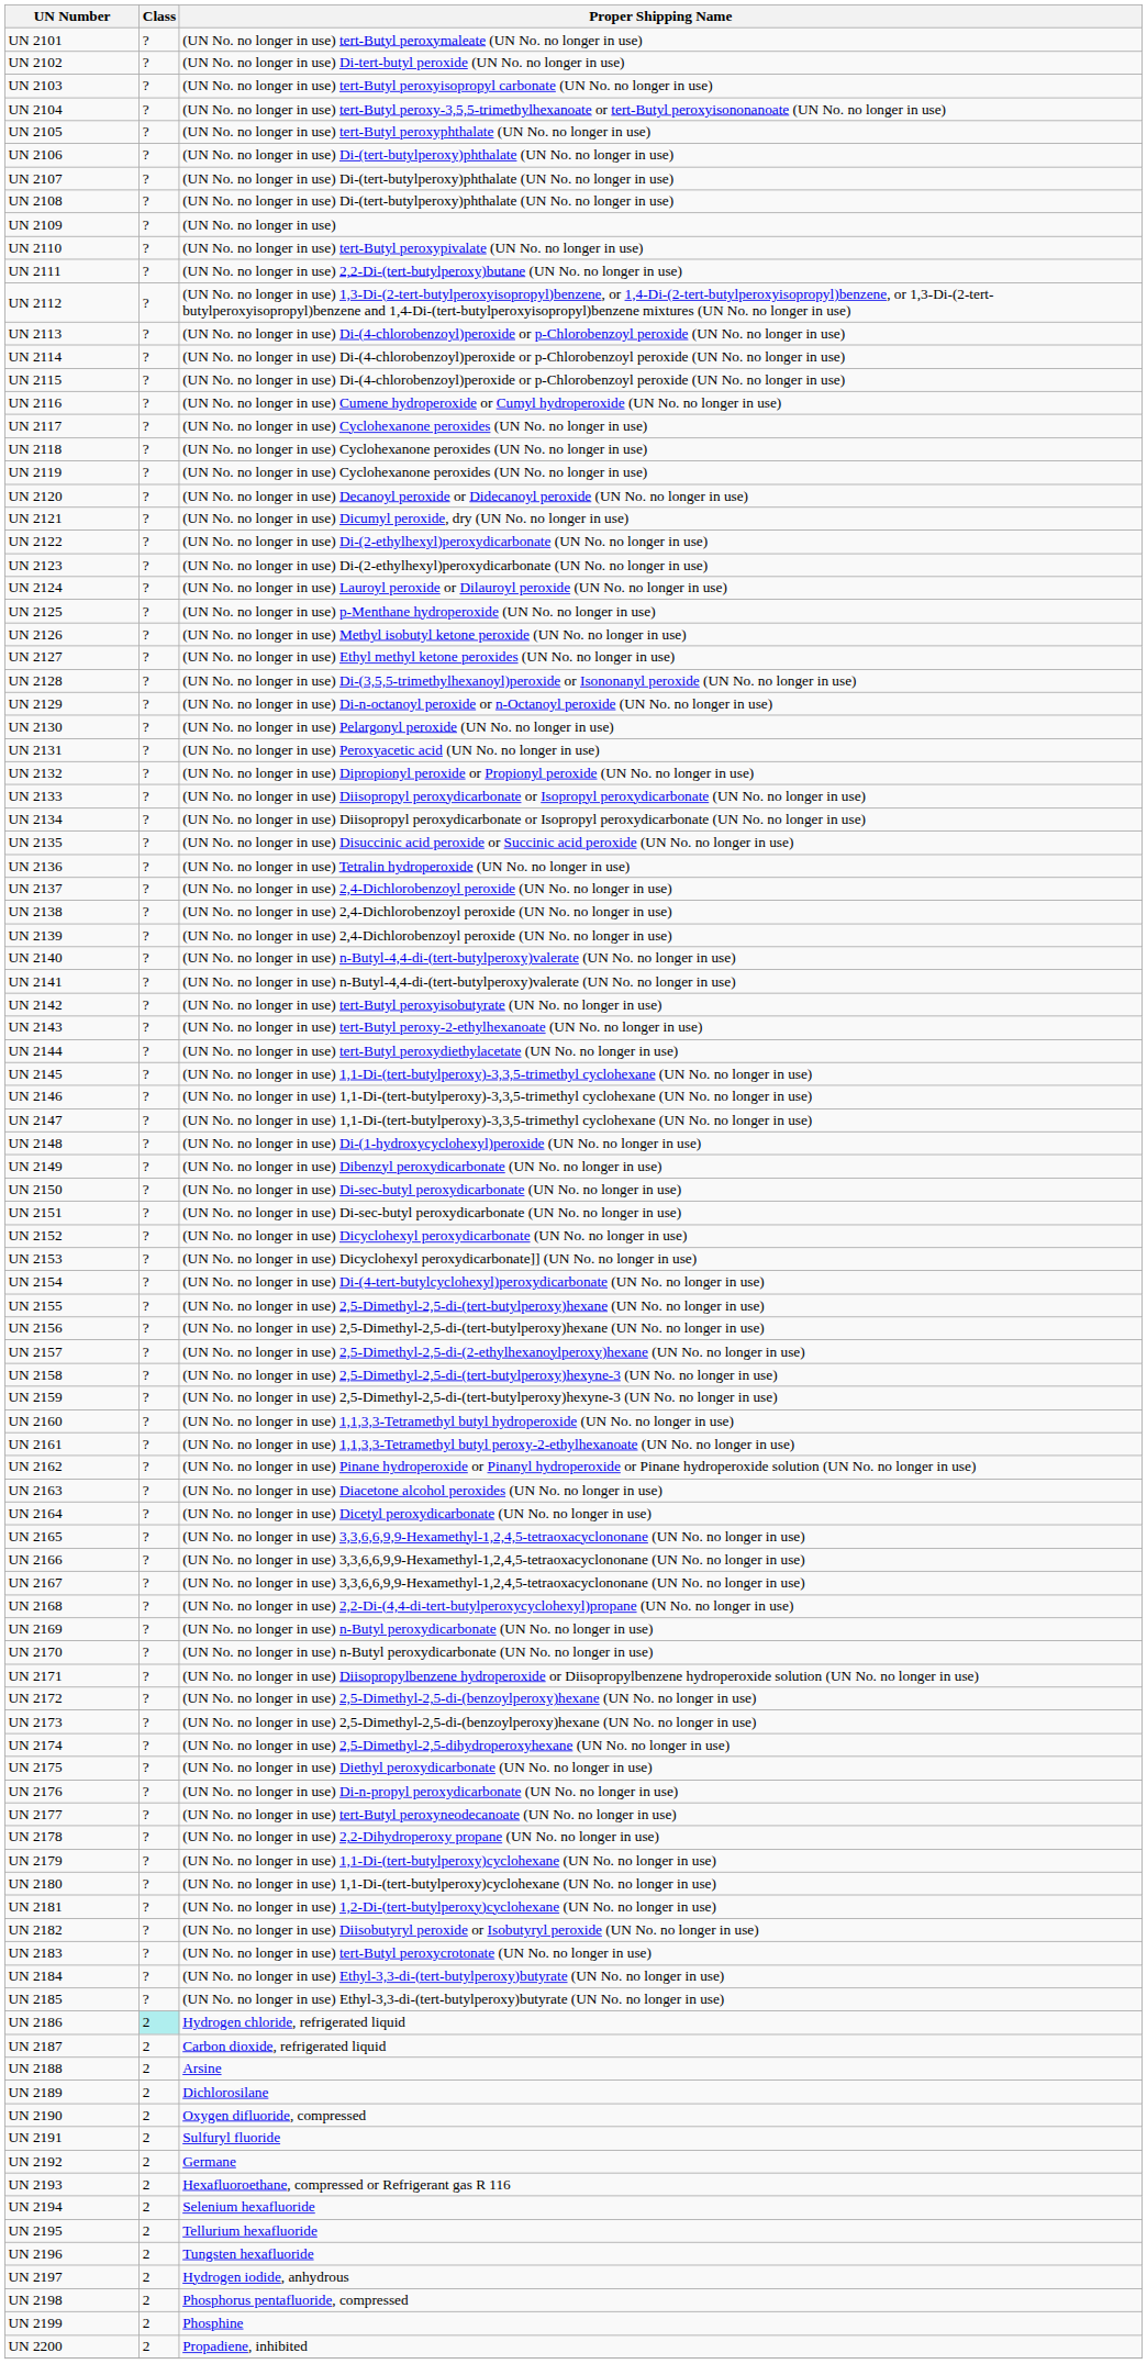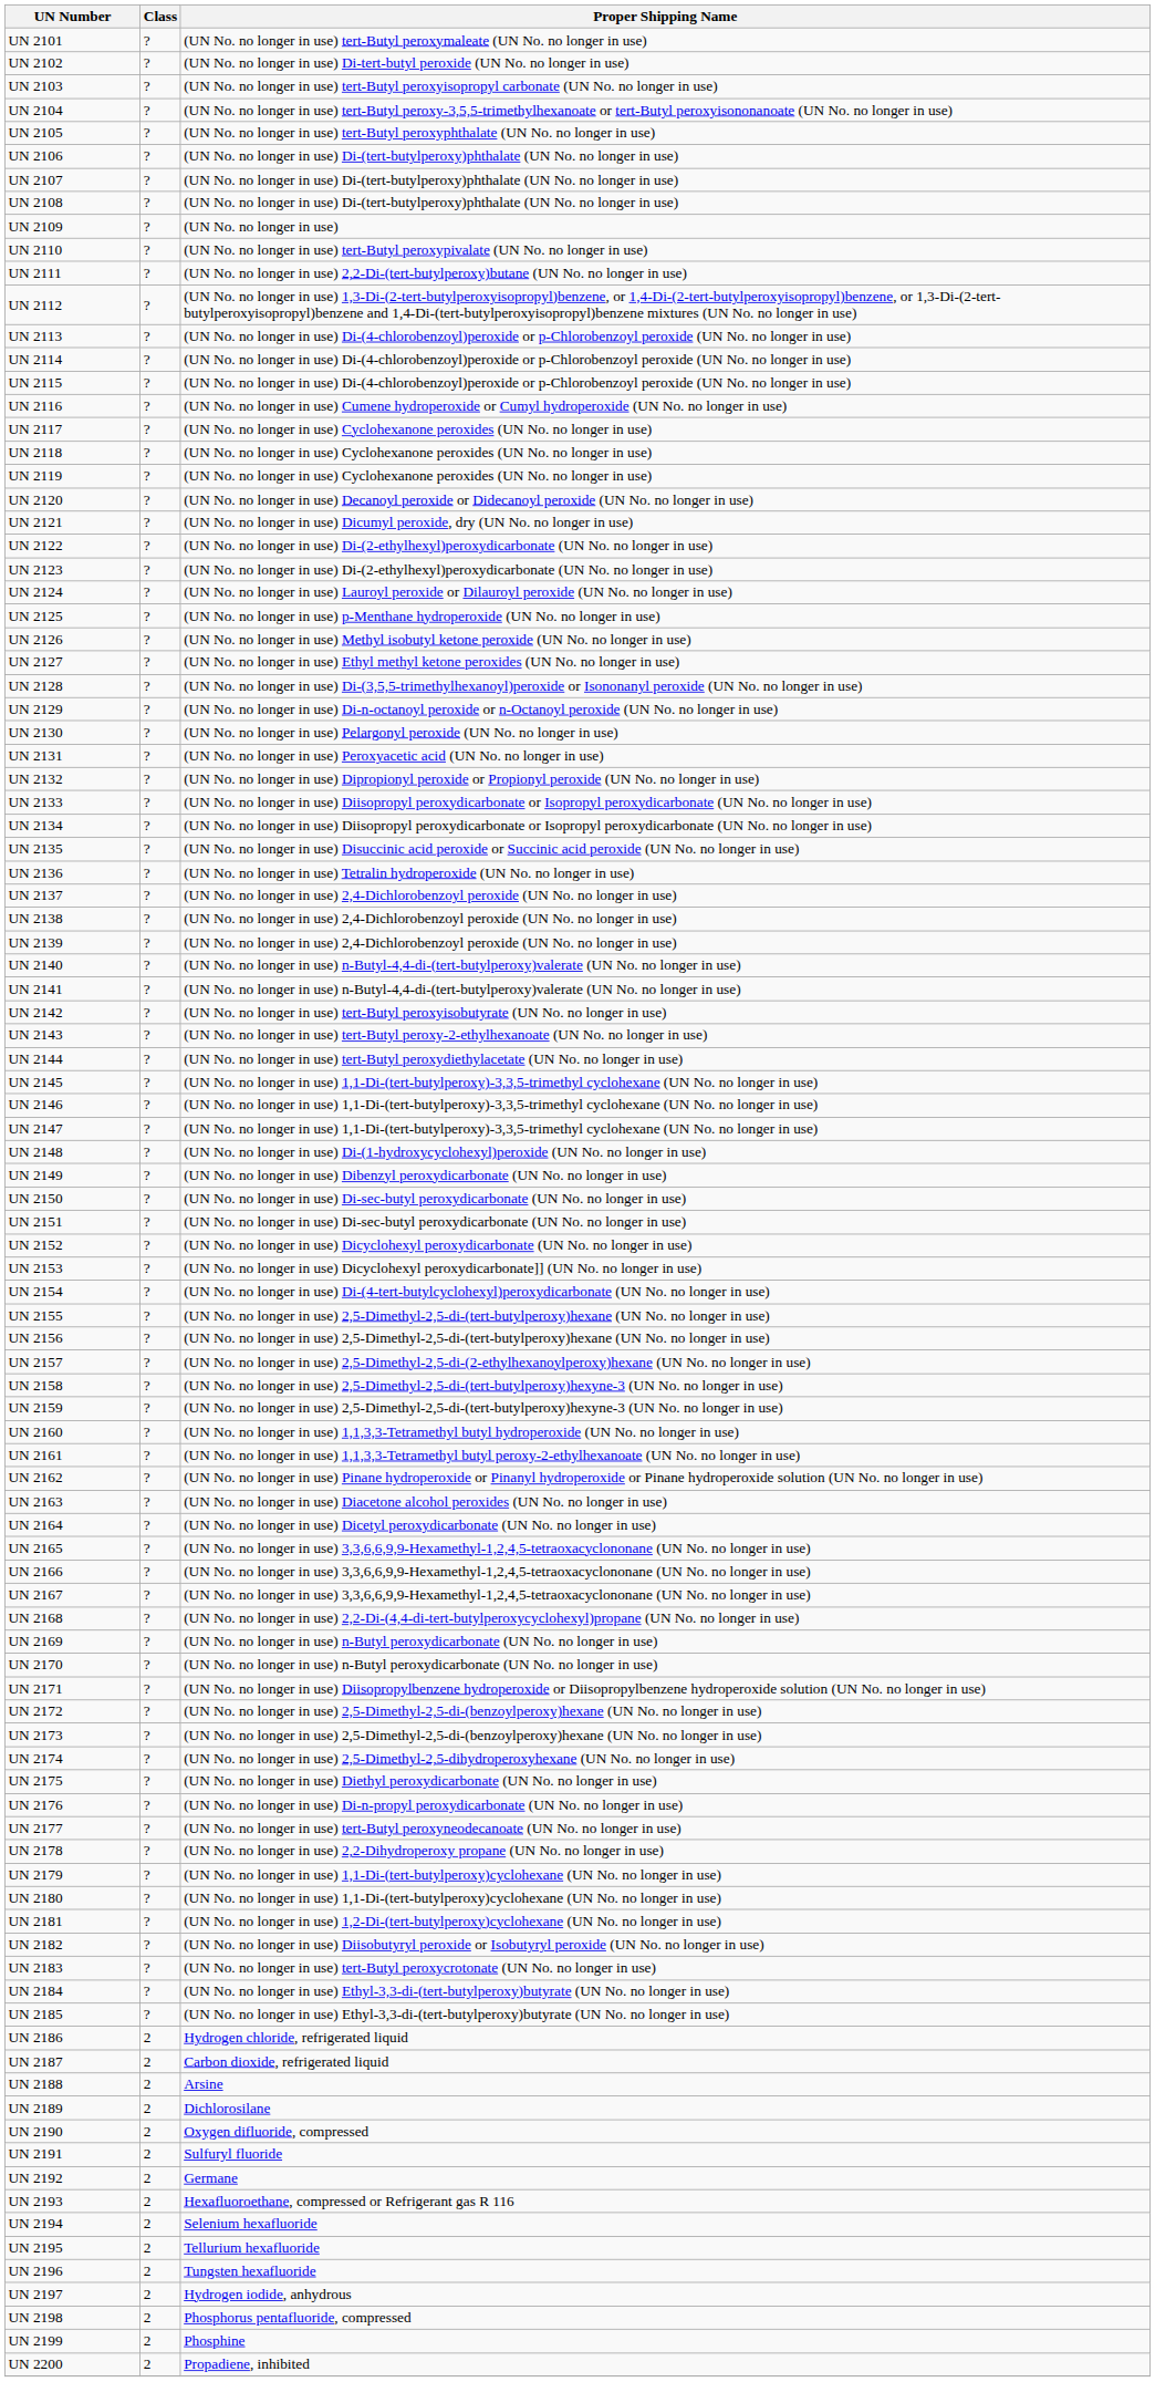 <table class="wikitable">
 <tr>
 <th width="140px">UN Number</th>
 <th>Class</th>
 <th>Proper Shipping Name</th>
 </tr>
 <tr>
 <td>UN 2101</td>
 <td>?</td>
 <td>(UN No. no longer in use) <a href='#'>tert-Butyl peroxymaleate</a> (UN No. no longer in use)</td>
 </tr>
 <tr>
 <td>UN 2102</td>
 <td>?</td>
 <td>(UN No. no longer in use) <a href='#'>Di-tert-butyl peroxide</a> (UN No. no longer in use)</td>
 </tr>
 <tr>
 <td>UN 2103</td>
 <td>?</td>
 <td>(UN No. no longer in use) <a href='#'>tert-Butyl peroxyisopropyl carbonate</a> (UN No. no longer in use)</td>
 </tr>
 <tr>
 <td>UN 2104</td>
 <td>?</td>
 <td>(UN No. no longer in use) <a href='#'>tert-Butyl peroxy-3,5,5-trimethylhexanoate</a> or <a href='#'>tert-Butyl peroxyisononanoate</a> (UN No. no longer in use)</td>
 </tr>
 <tr>
 <td>UN 2105</td>
 <td>?</td>
 <td>(UN No. no longer in use) <a href='#'>tert-Butyl peroxyphthalate</a> (UN No. no longer in use)</td>
 </tr>
 <tr>
 <td>UN 2106</td>
 <td>?</td>
 <td>(UN No. no longer in use) <a href='#'>Di-(tert-butylperoxy)phthalate</a> (UN No. no longer in use)</td>
 </tr>
 <tr>
 <td>UN 2107</td>
 <td>?</td>
 <td>(UN No. no longer in use) Di-(tert-butylperoxy)phthalate (UN No. no longer in use)</td>
 </tr>
 <tr>
 <td>UN 2108</td>
 <td>?</td>
 <td>(UN No. no longer in use) Di-(tert-butylperoxy)phthalate (UN No. no longer in use)</td>
 </tr>
 <tr>
 <td>UN 2109</td>
 <td>?</td>
 <td>(UN No. no longer in use)</td>
 </tr>
 <tr>
 <td>UN 2110</td>
 <td>?</td>
 <td>(UN No. no longer in use) <a href='#'>tert-Butyl peroxypivalate</a> (UN No. no longer in use)</td>
 </tr>
 <tr>
 <td>UN 2111</td>
 <td>?</td>
 <td>(UN No. no longer in use) <a href='#'>2,2-Di-(tert-butylperoxy)butane</a> (UN No. no longer in use)</td>
 </tr>
 <tr>
 <td>UN 2112</td>
 <td>?</td>
 <td>(UN No. no longer in use) <a href='#'>1,3-Di-(2-tert-butylperoxyisopropyl)benzene</a>, or <a href='#'>1,4-Di-(2-tert-butylperoxyisopropyl)benzene</a>, or 1,3-Di-(2-tert-butylperoxyisopropyl)benzene and 1,4-Di-(tert-butylperoxyisopropyl)benzene mixtures (UN No. no longer in use)</td>
 </tr>
 <tr>
 <td>UN 2113</td>
 <td>?</td>
 <td>(UN No. no longer in use) <a href='#'>Di-(4-chlorobenzoyl)peroxide</a> or <a href='#'>p-Chlorobenzoyl peroxide</a> (UN No. no longer in use)</td>
 </tr>
 <tr>
 <td>UN 2114</td>
 <td>?</td>
 <td>(UN No. no longer in use) Di-(4-chlorobenzoyl)peroxide or p-Chlorobenzoyl peroxide (UN No. no longer in use)</td>
 </tr>
 <tr>
 <td>UN 2115</td>
 <td>?</td>
 <td>(UN No. no longer in use) Di-(4-chlorobenzoyl)peroxide or p-Chlorobenzoyl peroxide (UN No. no longer in use)</td>
 </tr>
 <tr>
 <td>UN 2116</td>
 <td>?</td>
 <td>(UN No. no longer in use) <a href='#'>Cumene hydroperoxide</a> or <a href='#'>Cumyl hydroperoxide</a> (UN No. no longer in use)</td>
 </tr>
 <tr>
 <td>UN 2117</td>
 <td>?</td>
 <td>(UN No. no longer in use) <a href='#'>Cyclohexanone peroxides</a> (UN No. no longer in use)</td>
 </tr>
 <tr>
 <td>UN 2118</td>
 <td>?</td>
 <td>(UN No. no longer in use) Cyclohexanone peroxides (UN No. no longer in use)</td>
 </tr>
 <tr>
 <td>UN 2119</td>
 <td>?</td>
 <td>(UN No. no longer in use) Cyclohexanone peroxides (UN No. no longer in use)</td>
 </tr>
 <tr>
 <td>UN 2120</td>
 <td>?</td>
 <td>(UN No. no longer in use) <a href='#'>Decanoyl peroxide</a> or <a href='#'>Didecanoyl peroxide</a> (UN No. no longer in use)</td>
 </tr>
 <tr>
 <td>UN 2121</td>
 <td>?</td>
 <td>(UN No. no longer in use) <a href='#'>Dicumyl peroxide</a>, dry (UN No. no longer in use)</td>
 </tr>
 <tr>
 <td>UN 2122</td>
 <td>?</td>
 <td>(UN No. no longer in use) <a href='#'>Di-(2-ethylhexyl)peroxydicarbonate</a> (UN No. no longer in use)</td>
 </tr>
 <tr>
 <td>UN 2123</td>
 <td>?</td>
 <td>(UN No. no longer in use) Di-(2-ethylhexyl)peroxydicarbonate (UN No. no longer in use)</td>
 </tr>
 <tr>
 <td>UN 2124</td>
 <td>?</td>
 <td>(UN No. no longer in use) <a href='#'>Lauroyl peroxide</a> or <a href='#'>Dilauroyl peroxide</a> (UN No. no longer in use)</td>
 </tr>
 <tr>
 <td>UN 2125</td>
 <td>?</td>
 <td>(UN No. no longer in use) <a href='#'>p-Menthane hydroperoxide</a> (UN No. no longer in use)</td>
 </tr>
 <tr>
 <td>UN 2126</td>
 <td>?</td>
 <td>(UN No. no longer in use) <a href='#'>Methyl isobutyl ketone peroxide</a> (UN No. no longer in use)</td>
 </tr>
 <tr>
 <td>UN 2127</td>
 <td>?</td>
 <td>(UN No. no longer in use) <a href='#'>Ethyl methyl ketone peroxides</a> (UN No. no longer in use)</td>
 </tr>
 <tr>
 <td>UN 2128</td>
 <td>?</td>
 <td>(UN No. no longer in use) <a href='#'>Di-(3,5,5-trimethylhexanoyl)peroxide</a> or <a href='#'>Isononanyl peroxide</a> (UN No. no longer in use)</td>
 </tr>
 <tr>
 <td>UN 2129</td>
 <td>?</td>
 <td>(UN No. no longer in use) <a href='#'>Di-n-octanoyl peroxide</a> or <a href='#'>n-Octanoyl peroxide</a> (UN No. no longer in use)</td>
 </tr>
 <tr>
 <td>UN 2130</td>
 <td>?</td>
 <td>(UN No. no longer in use) <a href='#'>Pelargonyl peroxide</a> (UN No. no longer in use)</td>
 </tr>
 <tr>
 <td>UN 2131</td>
 <td>?</td>
 <td>(UN No. no longer in use) <a href='#'>Peroxyacetic acid</a> (UN No. no longer in use)</td>
 </tr>
 <tr>
 <td>UN 2132</td>
 <td>?</td>
 <td>(UN No. no longer in use) <a href='#'>Dipropionyl peroxide</a> or <a href='#'>Propionyl peroxide</a> (UN No. no longer in use)</td>
 </tr>
 <tr>
 <td>UN 2133</td>
 <td>?</td>
 <td>(UN No. no longer in use) <a href='#'>Diisopropyl peroxydicarbonate</a> or <a href='#'>Isopropyl peroxydicarbonate</a> (UN No. no longer in use)</td>
 </tr>
 <tr>
 <td>UN 2134</td>
 <td>?</td>
 <td>(UN No. no longer in use) Diisopropyl peroxydicarbonate or Isopropyl peroxydicarbonate (UN No. no longer in use)</td>
 </tr>
 <tr>
 <td>UN 2135</td>
 <td>?</td>
 <td>(UN No. no longer in use) <a href='#'>Disuccinic acid peroxide</a> or <a href='#'>Succinic acid peroxide</a> (UN No. no longer in use)</td>
 </tr>
 <tr>
 <td>UN 2136</td>
 <td>?</td>
 <td>(UN No. no longer in use) <a href='#'>Tetralin hydroperoxide</a> (UN No. no longer in use)</td>
 </tr>
 <tr>
 <td>UN 2137</td>
 <td>?</td>
 <td>(UN No. no longer in use) <a href='#'>2,4-Dichlorobenzoyl peroxide</a> (UN No. no longer in use)</td>
 </tr>
 <tr>
 <td>UN 2138</td>
 <td>?</td>
 <td>(UN No. no longer in use) 2,4-Dichlorobenzoyl peroxide (UN No. no longer in use)</td>
 </tr>
 <tr>
 <td>UN 2139</td>
 <td>?</td>
 <td>(UN No. no longer in use) 2,4-Dichlorobenzoyl peroxide (UN No. no longer in use)</td>
 </tr>
 <tr>
 <td>UN 2140</td>
 <td>?</td>
 <td>(UN No. no longer in use) <a href='#'>n-Butyl-4,4-di-(tert-butylperoxy)valerate</a> (UN No. no longer in use)</td>
 </tr>
 <tr>
 <td>UN 2141</td>
 <td>?</td>
 <td>(UN No. no longer in use) n-Butyl-4,4-di-(tert-butylperoxy)valerate (UN No. no longer in use)</td>
 </tr>
 <tr>
 <td>UN 2142</td>
 <td>?</td>
 <td>(UN No. no longer in use) <a href='#'>tert-Butyl peroxyisobutyrate</a> (UN No. no longer in use)</td>
 </tr>
 <tr>
 <td>UN 2143</td>
 <td>?</td>
 <td>(UN No. no longer in use) <a href='#'>tert-Butyl peroxy-2-ethylhexanoate</a> (UN No. no longer in use)</td>
 </tr>
 <tr>
 <td>UN 2144</td>
 <td>?</td>
 <td>(UN No. no longer in use) <a href='#'>tert-Butyl peroxydiethylacetate</a> (UN No. no longer in use)</td>
 </tr>
 <tr>
 <td>UN 2145</td>
 <td>?</td>
 <td>(UN No. no longer in use) <a href='#'>1,1-Di-(tert-butylperoxy)-3,3,5-trimethyl cyclohexane</a> (UN No. no longer in use)</td>
 </tr>
 <tr>
 <td>UN 2146</td>
 <td>?</td>
 <td>(UN No. no longer in use) 1,1-Di-(tert-butylperoxy)-3,3,5-trimethyl cyclohexane (UN No. no longer in use)</td>
 </tr>
 <tr>
 <td>UN 2147</td>
 <td>?</td>
 <td>(UN No. no longer in use) 1,1-Di-(tert-butylperoxy)-3,3,5-trimethyl cyclohexane (UN No. no longer in use)</td>
 </tr>
 <tr>
 <td>UN 2148</td>
 <td>?</td>
 <td>(UN No. no longer in use) <a href='#'>Di-(1-hydroxycyclohexyl)peroxide</a> (UN No. no longer in use)</td>
 </tr>
 <tr>
 <td>UN 2149</td>
 <td>?</td>
 <td>(UN No. no longer in use) <a href='#'>Dibenzyl peroxydicarbonate</a> (UN No. no longer in use)</td>
 </tr>
 <tr>
 <td>UN 2150</td>
 <td>?</td>
 <td>(UN No. no longer in use) <a href='#'>Di-sec-butyl peroxydicarbonate</a> (UN No. no longer in use)</td>
 </tr>
 <tr>
 <td>UN 2151</td>
 <td>?</td>
 <td>(UN No. no longer in use) Di-sec-butyl peroxydicarbonate (UN No. no longer in use)</td>
 </tr>
 <tr>
 <td>UN 2152</td>
 <td>?</td>
 <td>(UN No. no longer in use) <a href='#'>Dicyclohexyl peroxydicarbonate</a> (UN No. no longer in use)</td>
 </tr>
 <tr>
 <td>UN 2153</td>
 <td>?</td>
 <td>(UN No. no longer in use) Dicyclohexyl peroxydicarbonate]] (UN No. no longer in use)</td>
 </tr>
 <tr>
 <td>UN 2154</td>
 <td>?</td>
 <td>(UN No. no longer in use) <a href='#'>Di-(4-tert-butylcyclohexyl)peroxydicarbonate</a> (UN No. no longer in use)</td>
 </tr>
 <tr>
 <td>UN 2155</td>
 <td>?</td>
 <td>(UN No. no longer in use) <a href='#'>2,5-Dimethyl-2,5-di-(tert-butylperoxy)hexane</a> (UN No. no longer in use)</td>
 </tr>
 <tr>
 <td>UN 2156</td>
 <td>?</td>
 <td>(UN No. no longer in use) 2,5-Dimethyl-2,5-di-(tert-butylperoxy)hexane (UN No. no longer in use)</td>
 </tr>
 <tr>
 <td>UN 2157</td>
 <td>?</td>
 <td>(UN No. no longer in use) <a href='#'>2,5-Dimethyl-2,5-di-(2-ethylhexanoylperoxy)hexane</a> (UN No. no longer in use)</td>
 </tr>
 <tr>
 <td>UN 2158</td>
 <td>?</td>
 <td>(UN No. no longer in use) <a href='#'>2,5-Dimethyl-2,5-di-(tert-butylperoxy)hexyne-3</a> (UN No. no longer in use)</td>
 </tr>
 <tr>
 <td>UN 2159</td>
 <td>?</td>
 <td>(UN No. no longer in use) 2,5-Dimethyl-2,5-di-(tert-butylperoxy)hexyne-3 (UN No. no longer in use)</td>
 </tr>
 <tr>
 <td>UN 2160</td>
 <td>?</td>
 <td>(UN No. no longer in use) <a href='#'>1,1,3,3-Tetramethyl butyl hydroperoxide</a> (UN No. no longer in use)</td>
 </tr>
 <tr>
 <td>UN 2161</td>
 <td>?</td>
 <td>(UN No. no longer in use) <a href='#'>1,1,3,3-Tetramethyl butyl peroxy-2-ethylhexanoate</a> (UN No. no longer in use)</td>
 </tr>
 <tr>
 <td>UN 2162</td>
 <td>?</td>
 <td>(UN No. no longer in use) <a href='#'>Pinane hydroperoxide</a> or <a href='#'>Pinanyl hydroperoxide</a> or Pinane hydroperoxide solution (UN No. no longer in use)</td>
 </tr>
 <tr>
 <td>UN 2163</td>
 <td>?</td>
 <td>(UN No. no longer in use) <a href='#'>Diacetone alcohol peroxides</a> (UN No. no longer in use)</td>
 </tr>
 <tr>
 <td>UN 2164</td>
 <td>?</td>
 <td>(UN No. no longer in use) <a href='#'>Dicetyl peroxydicarbonate</a> (UN No. no longer in use)</td>
 </tr>
 <tr>
 <td>UN 2165</td>
 <td>?</td>
 <td>(UN No. no longer in use) <a href='#'>3,3,6,6,9,9-Hexamethyl-1,2,4,5-tetraoxacyclononane</a> (UN No. no longer in use)</td>
 </tr>
 <tr>
 <td>UN 2166</td>
 <td>?</td>
 <td>(UN No. no longer in use) 3,3,6,6,9,9-Hexamethyl-1,2,4,5-tetraoxacyclononane (UN No. no longer in use)</td>
 </tr>
 <tr>
 <td>UN 2167</td>
 <td>?</td>
 <td>(UN No. no longer in use) 3,3,6,6,9,9-Hexamethyl-1,2,4,5-tetraoxacyclononane (UN No. no longer in use)</td>
 </tr>
 <tr>
 <td>UN 2168</td>
 <td>?</td>
 <td>(UN No. no longer in use) <a href='#'>2,2-Di-(4,4-di-tert-butylperoxycyclohexyl)propane</a> (UN No. no longer in use)</td>
 </tr>
 <tr>
 <td>UN 2169</td>
 <td>?</td>
 <td>(UN No. no longer in use) <a href='#'>n-Butyl peroxydicarbonate</a> (UN No. no longer in use)</td>
 </tr>
 <tr>
 <td>UN 2170</td>
 <td>?</td>
 <td>(UN No. no longer in use) n-Butyl peroxydicarbonate (UN No. no longer in use)</td>
 </tr>
 <tr>
 <td>UN 2171</td>
 <td>?</td>
 <td>(UN No. no longer in use) <a href='#'>Diisopropylbenzene hydroperoxide</a> or Diisopropylbenzene hydroperoxide solution (UN No. no longer in use)</td>
 </tr>
 <tr>
 <td>UN 2172</td>
 <td>?</td>
 <td>(UN No. no longer in use) <a href='#'>2,5-Dimethyl-2,5-di-(benzoylperoxy)hexane</a> (UN No. no longer in use)</td>
 </tr>
 <tr>
 <td>UN 2173</td>
 <td>?</td>
 <td>(UN No. no longer in use) 2,5-Dimethyl-2,5-di-(benzoylperoxy)hexane (UN No. no longer in use)</td>
 </tr>
 <tr>
 <td>UN 2174</td>
 <td>?</td>
 <td>(UN No. no longer in use) <a href='#'>2,5-Dimethyl-2,5-dihydroperoxyhexane</a> (UN No. no longer in use)</td>
 </tr>
 <tr>
 <td>UN 2175</td>
 <td>?</td>
 <td>(UN No. no longer in use) <a href='#'>Diethyl peroxydicarbonate</a> (UN No. no longer in use)</td>
 </tr>
 <tr>
 <td>UN 2176</td>
 <td>?</td>
 <td>(UN No. no longer in use) <a href='#'>Di-n-propyl peroxydicarbonate</a> (UN No. no longer in use)</td>
 </tr>
 <tr>
 <td>UN 2177</td>
 <td>?</td>
 <td>(UN No. no longer in use) <a href='#'>tert-Butyl peroxyneodecanoate</a> (UN No. no longer in use)</td>
 </tr>
 <tr>
 <td>UN 2178</td>
 <td>?</td>
 <td>(UN No. no longer in use) <a href='#'>2,2-Dihydroperoxy propane</a> (UN No. no longer in use)</td>
 </tr>
 <tr>
 <td>UN 2179</td>
 <td>?</td>
 <td>(UN No. no longer in use) <a href='#'>1,1-Di-(tert-butylperoxy)cyclohexane</a> (UN No. no longer in use)</td>
 </tr>
 <tr>
 <td>UN 2180</td>
 <td>?</td>
 <td>(UN No. no longer in use) 1,1-Di-(tert-butylperoxy)cyclohexane (UN No. no longer in use)</td>
 </tr>
 <tr>
 <td>UN 2181</td>
 <td>?</td>
 <td>(UN No. no longer in use) <a href='#'>1,2-Di-(tert-butylperoxy)cyclohexane</a> (UN No. no longer in use)</td>
 </tr>
 <tr>
 <td>UN 2182</td>
 <td>?</td>
 <td>(UN No. no longer in use) <a href='#'>Diisobutyryl peroxide</a> or <a href='#'>Isobutyryl peroxide</a> (UN No. no longer in use)</td>
 </tr>
 <tr>
 <td>UN 2183</td>
 <td>?</td>
 <td>(UN No. no longer in use) <a href='#'>tert-Butyl peroxycrotonate</a> (UN No. no longer in use)</td>
 </tr>
 <tr>
 <td>UN 2184</td>
 <td>?</td>
 <td>(UN No. no longer in use) <a href='#'>Ethyl-3,3-di-(tert-butylperoxy)butyrate</a> (UN No. no longer in use)</td>
 </tr>
 <tr>
 <td>UN 2185</td>
 <td>?</td>
 <td>(UN No. no longer in use) Ethyl-3,3-di-(tert-butylperoxy)butyrate (UN No. no longer in use)</td>
 </tr>
 <tr>
 <td>UN 2186</td>
-<td style="background: paleturquoise;">2</td>
+<td>2</td>
 <td><a href='#'>Hydrogen chloride</a>, refrigerated liquid</td>
 </tr>
 <tr>
 <td>UN 2187</td>
 <td>2</td>
 <td><a href='#'>Carbon dioxide</a>, refrigerated liquid</td>
 </tr>
 <tr>
 <td>UN 2188</td>
 <td>2</td>
 <td><a href='#'>Arsine</a></td>
 </tr>
 <tr>
 <td>UN 2189</td>
 <td>2</td>
 <td><a href='#'>Dichlorosilane</a></td>
 </tr>
 <tr>
 <td>UN 2190</td>
 <td>2</td>
 <td><a href='#'>Oxygen difluoride</a>, compressed</td>
 </tr>
 <tr>
 <td>UN 2191</td>
 <td>2</td>
 <td><a href='#'>Sulfuryl fluoride</a></td>
 </tr>
 <tr>
 <td>UN 2192</td>
 <td>2</td>
 <td><a href='#'>Germane</a></td>
 </tr>
 <tr>
 <td>UN 2193</td>
 <td>2</td>
 <td><a href='#'>Hexafluoroethane</a>, compressed or Refrigerant gas R 116</td>
 </tr>
 <tr>
 <td>UN 2194</td>
 <td>2</td>
 <td><a href='#'>Selenium hexafluoride</a></td>
 </tr>
 <tr>
 <td>UN 2195</td>
 <td>2</td>
 <td><a href='#'>Tellurium hexafluoride</a></td>
 </tr>
 <tr>
 <td>UN 2196</td>
 <td>2</td>
 <td><a href='#'>Tungsten hexafluoride</a></td>
 </tr>
 <tr>
 <td>UN 2197</td>
 <td>2</td>
 <td><a href='#'>Hydrogen iodide</a>, anhydrous</td>
 </tr>
 <tr>
 <td>UN 2198</td>
 <td>2</td>
 <td><a href='#'>Phosphorus pentafluoride</a>, compressed</td>
 </tr>
 <tr>
 <td>UN 2199</td>
 <td>2</td>
 <td><a href='#'>Phosphine</a></td>
 </tr>
 <tr>
 <td>UN 2200</td>
 <td>2</td>
 <td><a href='#'>Propadiene</a>, inhibited</td>
 </tr>
 <tr>
 </tr>
 </table>
